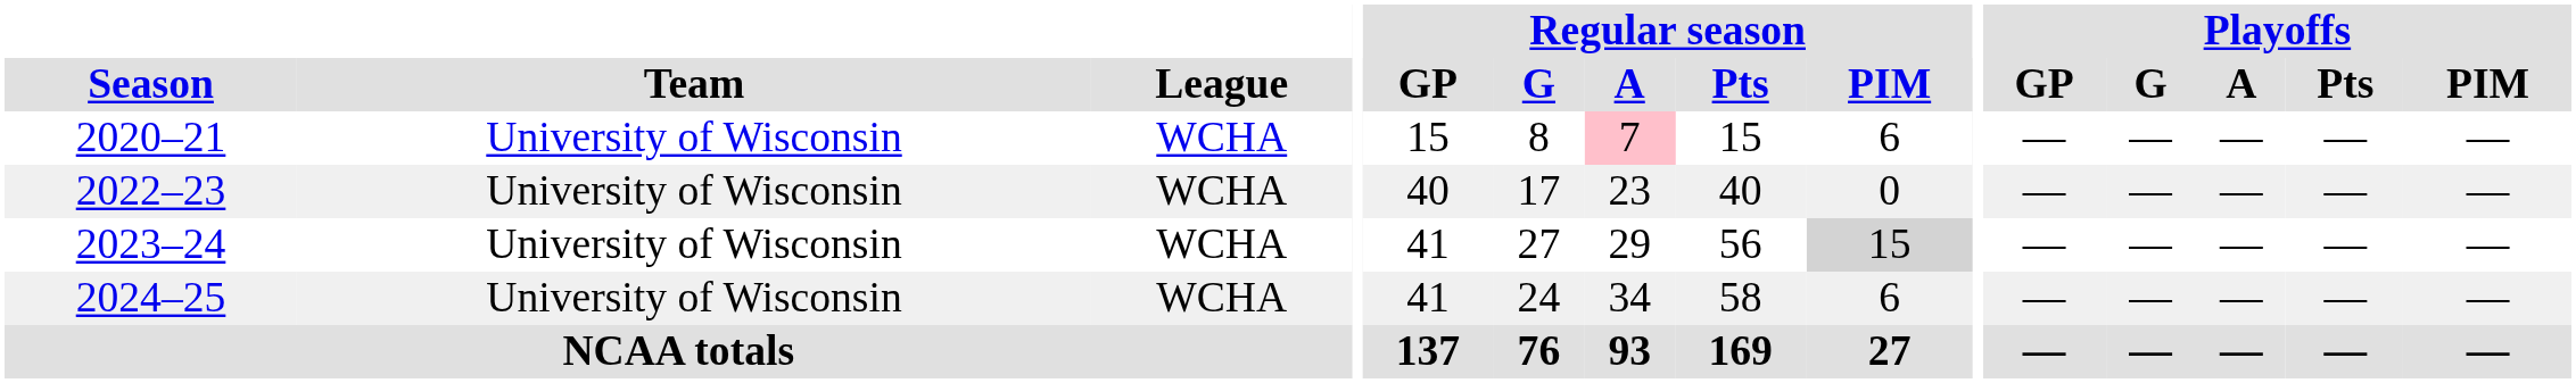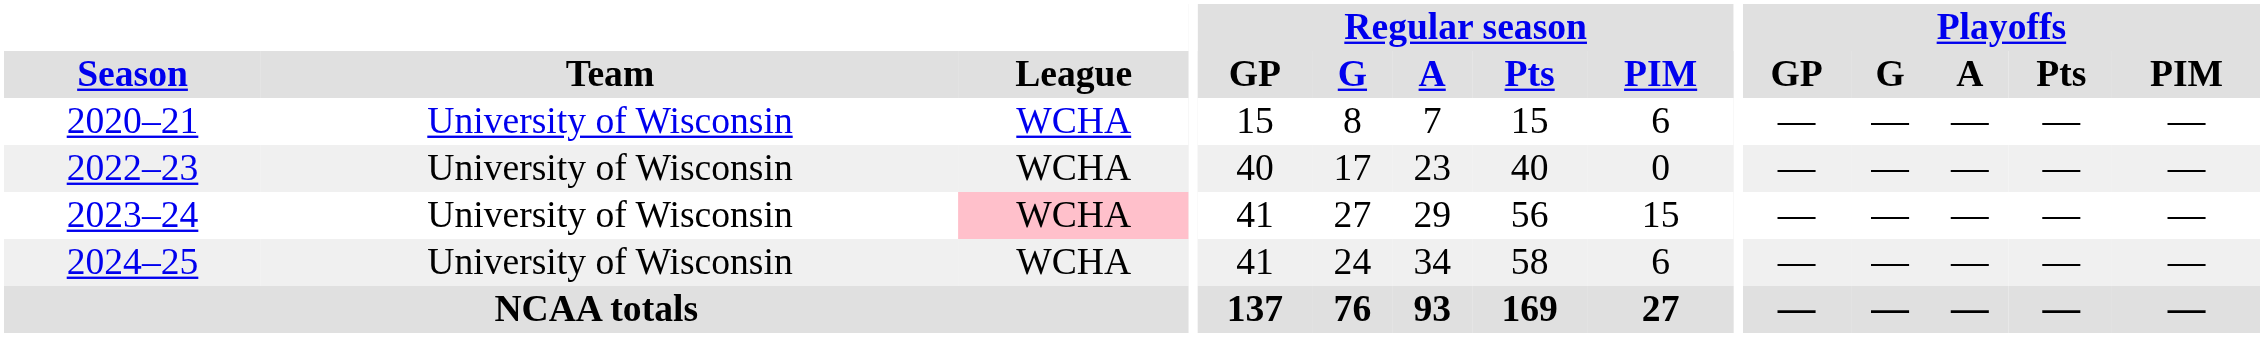 <table border="0" cellpadding="1" cellspacing="0" style="text-align:center; width:60em">
 <tr bgcolor="#e0e0e0">
 <th colspan="3" bgcolor="#ffffff"></th>
 <th rowspan="97" bgcolor="#ffffff"></th>
 <th colspan="5"><a href='#'>Regular season</a></th>
 <th rowspan="97" bgcolor="#ffffff"></th>
 <th colspan="5"><a href='#'>Playoffs</a></th>
 </tr>
 <tr bgcolor="#e0e0e0">
 <th><a href='#'>Season</a></th>
 <th>Team</th>
 <th>League</th>
 <th>GP</th>
 <th><a href='#'>G</a></th>
 <th><a href='#'>A</a></th>
 <th><a href='#'>Pts</a></th>
 <th><a href='#'>PIM</a></th>
 <th>GP</th>
 <th>G</th>
 <th>A</th>
 <th>Pts</th>
 <th>PIM</th>
 </tr>
 <tr>
 <td><a href='#'>2020–21</a></td>
 <td><a href='#'>University of Wisconsin</a></td>
 <td><a href='#'>WCHA</a></td>
 <td>15</td>
 <td>8</td>
-<td style="background: pink;">7</td>
+<td>7</td>
 <td>15</td>
 <td>6</td>
 <td>—</td>
 <td>—</td>
 <td>—</td>
 <td>—</td>
 <td>—</td>
 </tr>
 <tr bgcolor="#f0f0f0">
 <td><a href='#'>2022–23</a></td>
 <td>University of Wisconsin</td>
 <td>WCHA</td>
 <td>40</td>
 <td>17</td>
 <td>23</td>
 <td>40</td>
 <td>0</td>
 <td>—</td>
 <td>—</td>
 <td>—</td>
 <td>—</td>
 <td>—</td>
 </tr>
 <tr>
 <td><a href='#'>2023–24</a></td>
 <td>University of Wisconsin</td>
-<td>WCHA</td>
+<td style="background: pink;">WCHA</td>
 <td>41</td>
 <td>27</td>
 <td>29</td>
 <td>56</td>
-<td style="background: lightgrey;">15</td>
+<td>15</td>
 <td>—</td>
 <td>—</td>
 <td>—</td>
 <td>—</td>
 <td>—</td>
 </tr>
 <tr bgcolor="#f0f0f0">
 <td><a href='#'>2024–25</a></td>
 <td>University of Wisconsin</td>
 <td>WCHA</td>
 <td>41</td>
 <td>24</td>
 <td>34</td>
 <td>58</td>
 <td>6</td>
 <td>—</td>
 <td>—</td>
 <td>—</td>
 <td>—</td>
 <td>—</td>
 </tr>
 <tr bgcolor="#e0e0e0">
 <th colspan="3">NCAA totals</th>
 <th>137</th>
 <th>76</th>
 <th>93</th>
 <th>169</th>
 <th>27</th>
 <th>—</th>
 <th>—</th>
 <th>—</th>
 <th>—</th>
 <th>—</th>
 </tr>
 </table>
